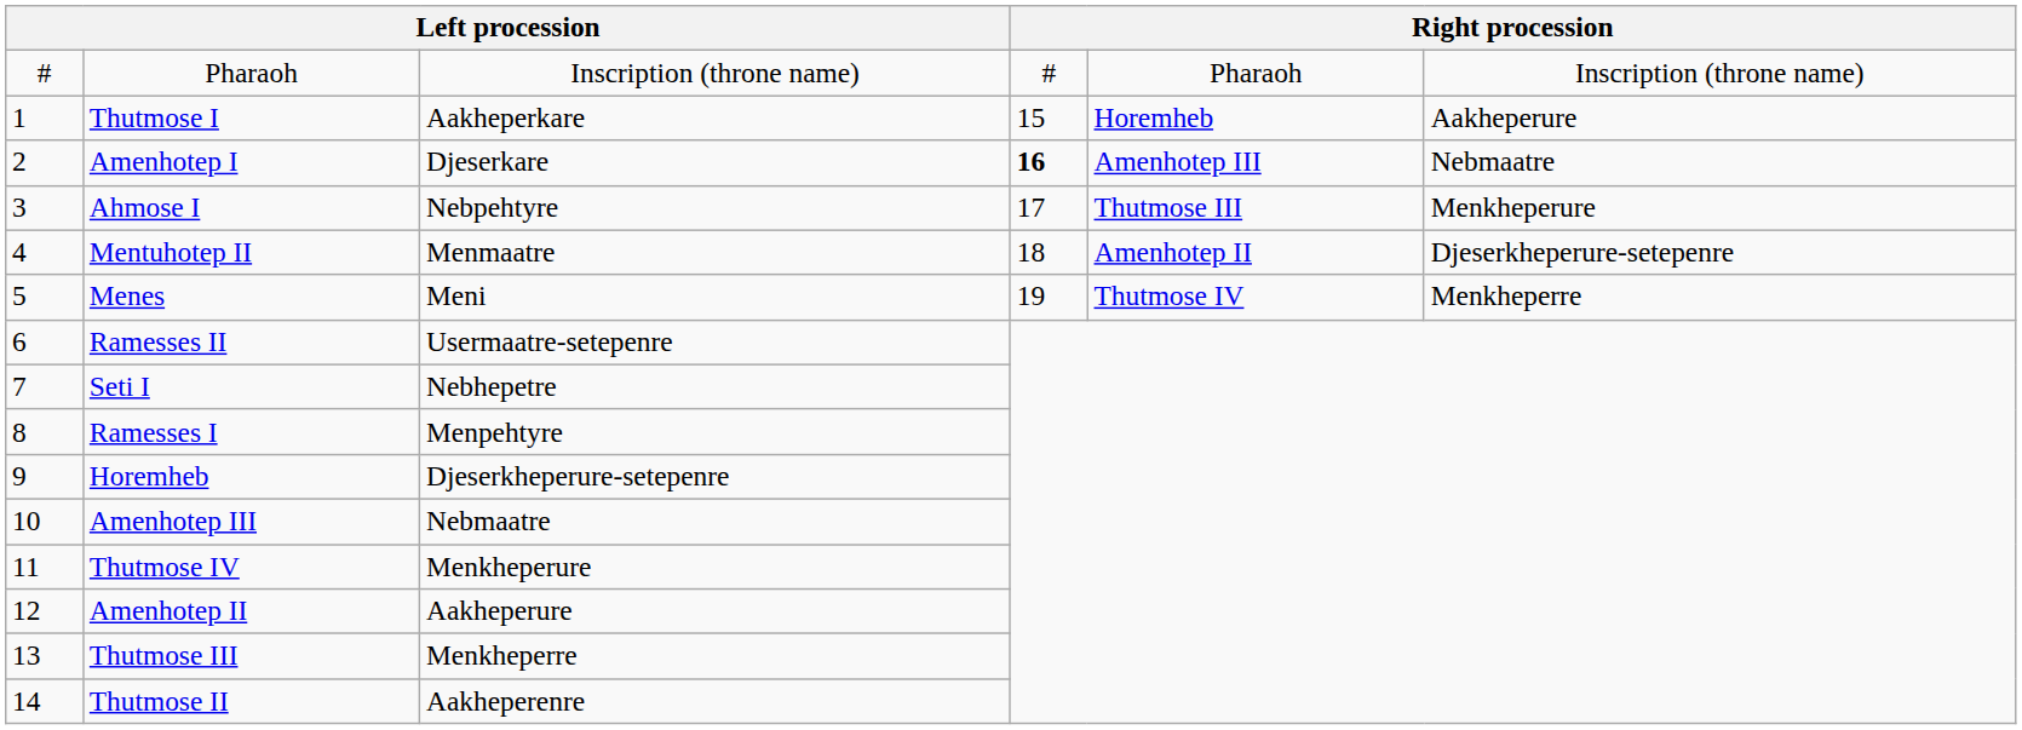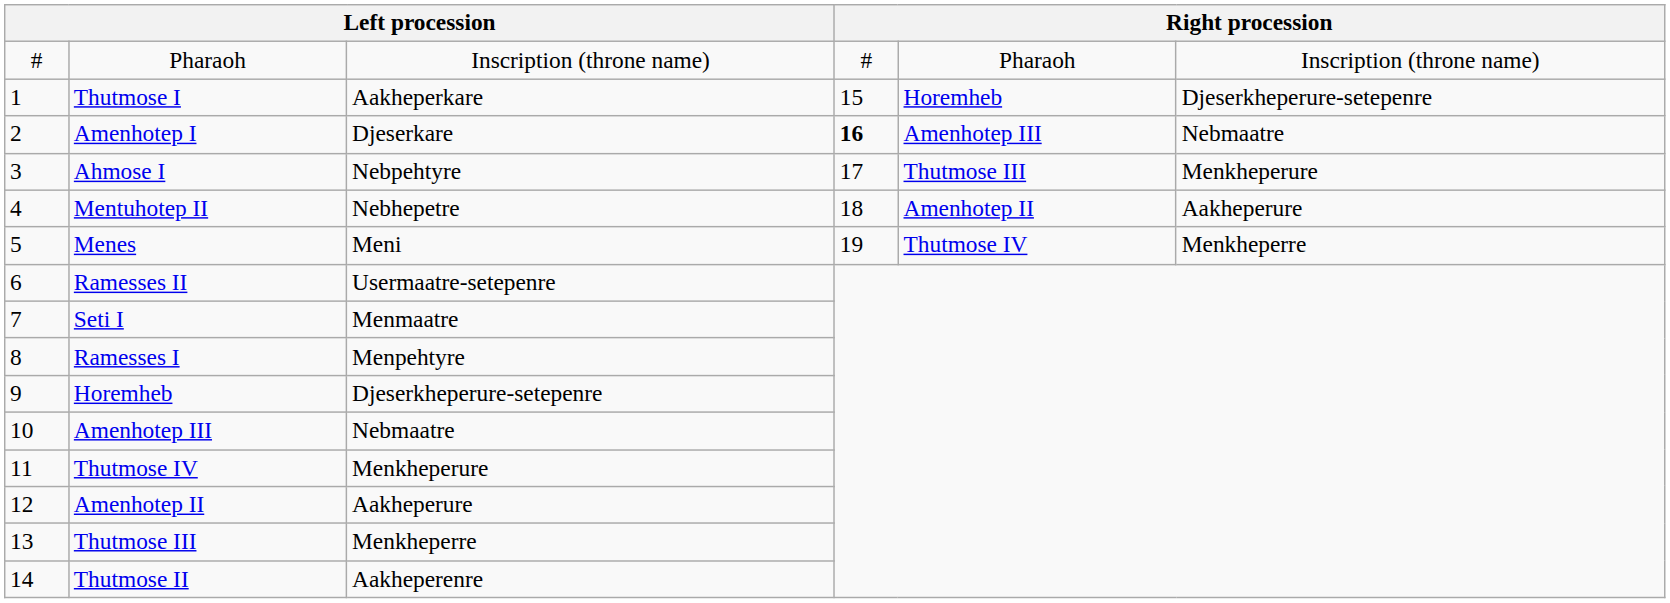 <table class="wikitable" width="90%">
 <tr>
 <th colspan="3" style="text-align: center;">Left procession</th>
 <th colspan="3" style="text-align: center;">Right procession</th>
 </tr>
 <tr>
 <td style="text-align: center;">#</td>
 <td style="text-align: center;">Pharaoh</td>
 <td style="text-align: center;">Inscription (throne name)</td>
 <td style="text-align: center;">#</td>
 <td style="text-align: center;">Pharaoh</td>
 <td style="text-align: center;">Inscription (throne name)</td>
 </tr>
 <tr>
 <td>1</td>
 <td><a href='#'>Thutmose I</a></td>
 <td>Aakheperkare</td>
 <td>15</td>
 <td><a href='#'>Horemheb</a></td>
-<td>Aakheperure</td>
+<td>Djeserkheperure-setepenre</td>
 </tr>
 <tr>
 <td>2</td>
 <td><a href='#'>Amenhotep I</a></td>
 <td>Djeserkare</td>
 <td><strong>16</strong></td>
 <td><a href='#'>Amenhotep III</a></td>
 <td>Nebmaatre</td>
 </tr>
 <tr>
 <td>3</td>
 <td><a href='#'>Ahmose I</a></td>
 <td>Nebpehtyre</td>
 <td>17</td>
 <td><a href='#'>Thutmose III</a></td>
 <td>Menkheperure</td>
 </tr>
 <tr>
 <td>4</td>
 <td><a href='#'>Mentuhotep II</a></td>
-<td>Menmaatre</td>
+<td>Nebhepetre</td>
 <td>18</td>
 <td><a href='#'>Amenhotep II</a></td>
-<td>Djeserkheperure-setepenre</td>
+<td>Aakheperure</td>
 </tr>
 <tr>
 <td>5</td>
 <td><a href='#'>Menes</a></td>
 <td>Meni</td>
 <td>19</td>
 <td><a href='#'>Thutmose IV</a></td>
 <td>Menkheperre</td>
 </tr>
 <tr>
 <td>6</td>
 <td><a href='#'>Ramesses II</a></td>
 <td>Usermaatre-setepenre</td>
 <td rowspan="9" colspan="3"></td>
 </tr>
 <tr>
 <td>7</td>
 <td><a href='#'>Seti I</a></td>
-<td>Nebhepetre</td>
+<td>Menmaatre</td>
 </tr>
 <tr>
 <td>8</td>
 <td><a href='#'>Ramesses I</a></td>
 <td>Menpehtyre</td>
 </tr>
 <tr>
 <td>9</td>
 <td><a href='#'>Horemheb</a></td>
 <td>Djeserkheperure-setepenre</td>
 </tr>
 <tr>
 <td>10</td>
 <td><a href='#'>Amenhotep III</a></td>
 <td>Nebmaatre</td>
 </tr>
 <tr>
 <td>11</td>
 <td><a href='#'>Thutmose IV</a></td>
 <td>Menkheperure</td>
 </tr>
 <tr>
 <td>12</td>
 <td><a href='#'>Amenhotep II</a></td>
 <td>Aakheperure</td>
 </tr>
 <tr>
 <td>13</td>
 <td><a href='#'>Thutmose III</a></td>
 <td>Menkheperre</td>
 </tr>
 <tr>
 <td>14</td>
 <td><a href='#'>Thutmose II</a></td>
 <td>Aakheperenre</td>
 </tr>
 </table>
